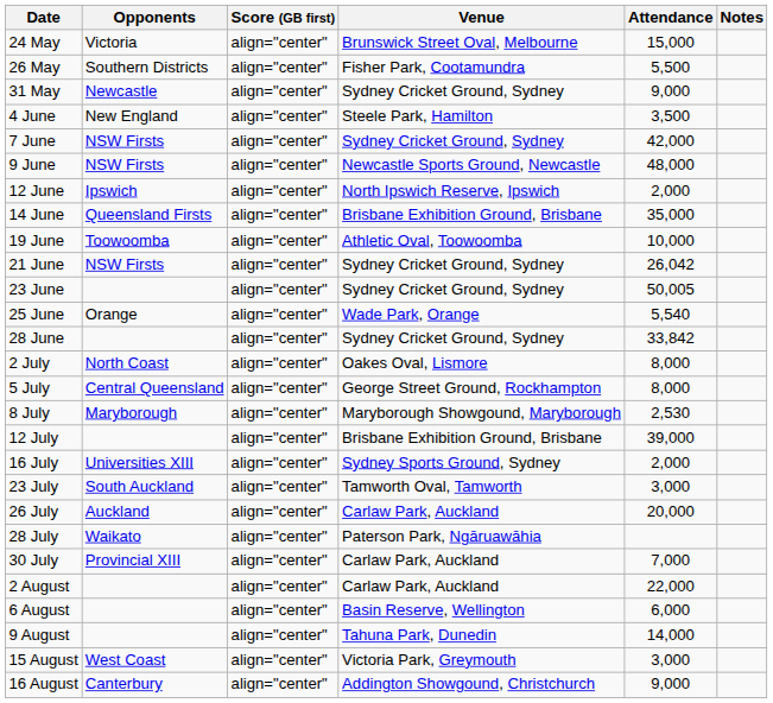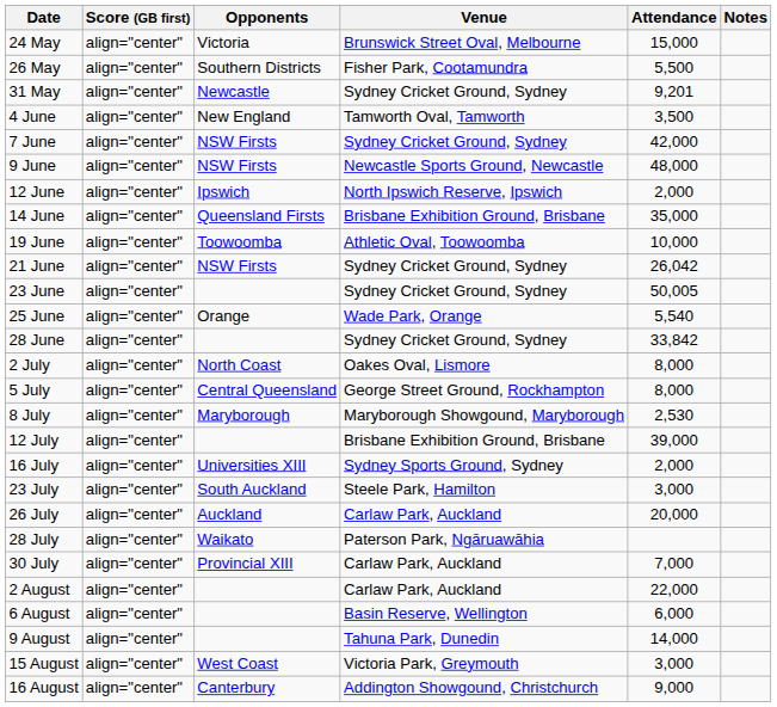 <table class="wikitable">
 <tr>
 <th>Date</th>
+<th>Score <small>(GB first)</small></th>
 <th>Opponents</th>
-<th>Score <small>(GB first)</small></th>
 <th>Venue</th>
 <th>Attendance</th>
 <th>Notes</th>
 </tr>
 <tr>
 <td>24 May</td>
+<td>align="center" </td>
 <td> Victoria</td>
-<td>align="center" </td>
 <td><a href='#'>Brunswick Street Oval</a>, <a href='#'>Melbourne</a></td>
 <td align="center">15,000</td>
 <td></td>
 </tr>
 <tr>
 <td>26 May</td>
+<td>align="center" </td>
 <td> Southern Districts</td>
-<td>align="center" </td>
 <td>Fisher Park, <a href='#'>Cootamundra</a></td>
 <td align="center">5,500</td>
 <td></td>
 </tr>
 <tr>
 <td>31 May</td>
+<td>align="center" </td>
 <td> <a href='#'>Newcastle</a></td>
-<td>align="center" </td>
 <td>Sydney Cricket Ground, Sydney</td>
-<td align="center">9,000</td>
+<td align="center">9,201</td>
 <td></td>
 </tr>
 <tr>
 <td>4 June</td>
+<td>align="center" </td>
 <td> New England</td>
-<td>align="center" </td>
-<td>Steele Park, <a href='#'>Hamilton</a></td>
+<td>Tamworth Oval, <a href='#'>Tamworth</a></td>
 <td align="center">3,500</td>
 <td></td>
 </tr>
 <tr>
 <td>7 June</td>
+<td>align="center" </td>
 <td> <a href='#'>NSW Firsts</a></td>
-<td>align="center" </td>
 <td><a href='#'>Sydney Cricket Ground</a>, <a href='#'>Sydney</a></td>
 <td align="center">42,000</td>
 <td></td>
 </tr>
 <tr>
 <td>9 June</td>
+<td>align="center" </td>
 <td> <a href='#'>NSW Firsts</a></td>
-<td>align="center" </td>
 <td><a href='#'>Newcastle Sports Ground</a>, <a href='#'>Newcastle</a></td>
 <td align="center">48,000</td>
 <td></td>
 </tr>
 <tr>
 <td>12 June</td>
+<td>align="center" </td>
 <td> <a href='#'>Ipswich</a></td>
-<td>align="center" </td>
 <td><a href='#'>North Ipswich Reserve</a>, <a href='#'>Ipswich</a></td>
 <td align="center">2,000</td>
 <td></td>
 </tr>
 <tr>
 <td>14 June</td>
+<td>align="center" </td>
 <td> <a href='#'>Queensland Firsts</a></td>
-<td>align="center" </td>
 <td><a href='#'>Brisbane Exhibition Ground</a>, <a href='#'>Brisbane</a></td>
 <td align="center">35,000</td>
 <td></td>
 </tr>
 <tr>
 <td>19 June</td>
+<td>align="center" </td>
 <td> <a href='#'>Toowoomba</a></td>
-<td>align="center" </td>
 <td><a href='#'>Athletic Oval</a>, <a href='#'>Toowoomba</a></td>
 <td align="center">10,000</td>
 <td></td>
 </tr>
 <tr>
 <td>21 June</td>
+<td>align="center" </td>
 <td> <a href='#'>NSW Firsts</a></td>
-<td>align="center" </td>
 <td>Sydney Cricket Ground, Sydney</td>
 <td align="center">26,042</td>
 <td></td>
 </tr>
 <tr>
 <td>23 June</td>
+<td>align="center" </td>
 <td></td>
-<td>align="center" </td>
 <td>Sydney Cricket Ground, Sydney</td>
 <td align="center">50,005</td>
 <td></td>
 </tr>
 <tr>
 <td>25 June</td>
+<td>align="center" </td>
 <td> Orange</td>
-<td>align="center" </td>
 <td><a href='#'>Wade Park</a>, <a href='#'>Orange</a></td>
 <td align="center">5,540</td>
 <td></td>
 </tr>
 <tr>
 <td>28 June</td>
+<td>align="center" </td>
 <td></td>
-<td>align="center" </td>
 <td>Sydney Cricket Ground, Sydney</td>
 <td align="center">33,842</td>
 <td></td>
 </tr>
 <tr>
 <td>2 July</td>
+<td>align="center" </td>
 <td> <a href='#'>North Coast</a></td>
-<td>align="center" </td>
 <td>Oakes Oval, <a href='#'>Lismore</a></td>
 <td align="center">8,000</td>
 <td></td>
 </tr>
 <tr>
 <td>5 July</td>
+<td>align="center" </td>
 <td> <a href='#'>Central Queensland</a></td>
-<td>align="center" </td>
 <td>George Street Ground, <a href='#'>Rockhampton</a></td>
 <td align="center">8,000</td>
 <td></td>
 </tr>
 <tr>
 <td>8 July</td>
+<td>align="center" </td>
 <td> <a href='#'>Maryborough</a></td>
-<td>align="center" </td>
 <td>Maryborough Showgound, <a href='#'>Maryborough</a></td>
 <td align="center">2,530</td>
 <td></td>
 </tr>
 <tr>
 <td>12 July</td>
+<td>align="center" </td>
 <td></td>
-<td>align="center" </td>
 <td>Brisbane Exhibition Ground, Brisbane</td>
 <td align="center">39,000</td>
 <td></td>
 </tr>
 <tr>
 <td>16 July</td>
+<td>align="center" </td>
 <td> <a href='#'>Universities XIII</a></td>
-<td>align="center" </td>
 <td><a href='#'>Sydney Sports Ground</a>, Sydney</td>
 <td align="center">2,000</td>
 <td></td>
 </tr>
 <tr>
 <td>23 July</td>
+<td>align="center" </td>
 <td> <a href='#'>South Auckland</a></td>
-<td>align="center" </td>
-<td>Tamworth Oval, <a href='#'>Tamworth</a></td>
+<td>Steele Park, <a href='#'>Hamilton</a></td>
 <td align="center">3,000</td>
 <td></td>
 </tr>
 <tr>
 <td>26 July</td>
+<td>align="center" </td>
 <td> <a href='#'>Auckland</a></td>
-<td>align="center" </td>
 <td><a href='#'>Carlaw Park</a>, <a href='#'>Auckland</a></td>
 <td align="center">20,000</td>
 <td></td>
 </tr>
 <tr>
 <td>28 July</td>
+<td>align="center" </td>
 <td> <a href='#'>Waikato</a></td>
-<td>align="center" </td>
 <td>Paterson Park, <a href='#'>Ngāruawāhia</a></td>
 <td align="center"></td>
 <td></td>
 </tr>
 <tr>
 <td>30 July</td>
+<td>align="center" </td>
 <td> <a href='#'>Provincial XIII</a></td>
-<td>align="center" </td>
 <td>Carlaw Park, Auckland</td>
 <td align="center">7,000</td>
 <td></td>
 </tr>
 <tr>
 <td>2 August</td>
+<td>align="center" </td>
 <td></td>
-<td>align="center" </td>
 <td>Carlaw Park, Auckland</td>
 <td align="center">22,000</td>
 <td></td>
 </tr>
 <tr>
 <td>6 August</td>
+<td>align="center" </td>
 <td></td>
-<td>align="center" </td>
 <td><a href='#'>Basin Reserve</a>, <a href='#'>Wellington</a></td>
 <td align="center">6,000</td>
 <td></td>
 </tr>
 <tr>
 <td>9 August</td>
+<td>align="center" </td>
 <td></td>
-<td>align="center" </td>
 <td><a href='#'>Tahuna Park</a>, <a href='#'>Dunedin</a></td>
 <td align="center">14,000</td>
 <td></td>
 </tr>
 <tr>
 <td>15 August</td>
+<td>align="center" </td>
 <td> <a href='#'>West Coast</a></td>
-<td>align="center" </td>
 <td>Victoria Park, <a href='#'>Greymouth</a></td>
 <td align="center">3,000</td>
 <td></td>
 </tr>
 <tr>
 <td>16 August</td>
+<td>align="center" </td>
 <td> <a href='#'>Canterbury</a></td>
-<td>align="center" </td>
 <td><a href='#'>Addington Showgound</a>, <a href='#'>Christchurch</a></td>
 <td align="center">9,000</td>
 <td></td>
 </tr>
 </table>
